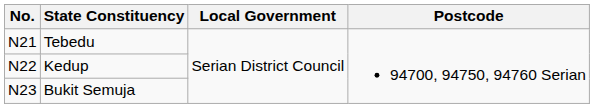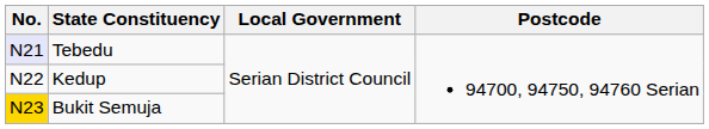 <table class="wikitable">
 <tr>
 <th>No.</th>
 <th>State Constituency</th>
 <th>Local Government</th>
 <th>Postcode</th>
 </tr>
 <tr>
-<td>N21</td>
+<td style="background: lavender;">N21</td>
 <td>Tebedu</td>
 <td rowspan="3">Serian District Council</td>
 <td rowspan="3"><br><ul><li>94700, 94750, 94760 Serian</li></ul></td>
 </tr>
 <tr>
 <td>N22</td>
 <td>Kedup</td>
 </tr>
 <tr>
-<td>N23</td>
+<td style="background: gold;">N23</td>
 <td>Bukit Semuja</td>
 </tr>
 </table>
